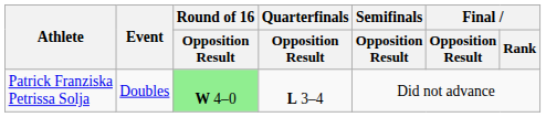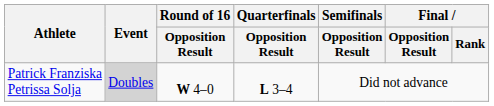 <table class="wikitable" style="font-size:90%">
 <tr>
 <th rowspan=2>Athlete</th>
 <th rowspan=2>Event</th>
 <th>Round of 16</th>
 <th>Quarterfinals</th>
 <th>Semifinals</th>
 <th colspan=2>Final / </th>
 </tr>
 <tr style="font-size:95%">
 <th>Opposition<br>Result</th>
 <th>Opposition<br>Result</th>
 <th>Opposition<br>Result</th>
 <th>Opposition<br>Result</th>
 <th>Rank</th>
 </tr>
 <tr align=center>
 <td align=left><a href='#'>Patrick Franziska</a><br><a href='#'>Petrissa Solja</a></td>
-<td align=left><a href='#'>Doubles</a></td>
-<td style="background: lightgreen;"><br><strong>W</strong> 4–0</td>
+<td align=left style="background: lightgrey;"><a href='#'>Doubles</a></td>
+<td><br><strong>W</strong> 4–0</td>
 <td><br><strong>L</strong> 3–4</td>
 <td colspan=3>Did not advance</td>
 </tr>
 </table>
